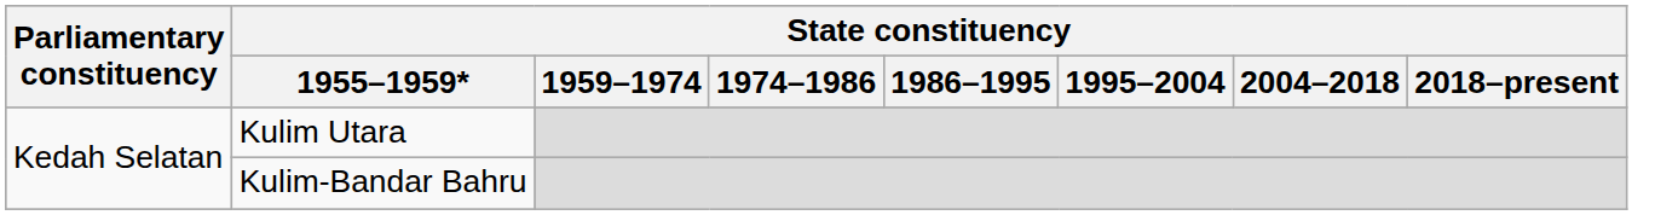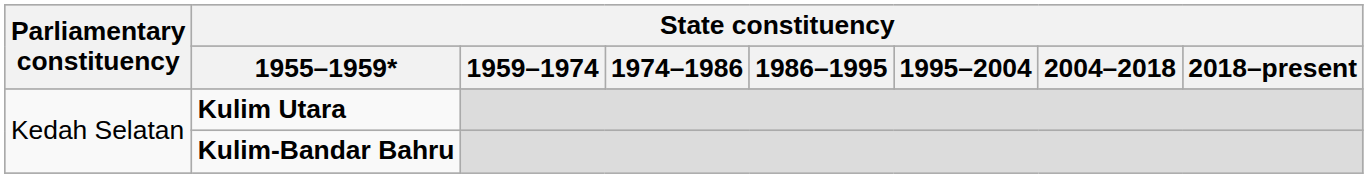 <table class="wikitable">
 <tr>
 <th rowspan="2">Parliamentary<br>constituency</th>
 <th colspan="7">State constituency</th>
 </tr>
 <tr>
 <th>1955–1959*</th>
 <th>1959–1974</th>
 <th>1974–1986</th>
 <th>1986–1995</th>
 <th>1995–2004</th>
 <th>2004–2018</th>
 <th>2018–present</th>
 </tr>
 <tr>
 <td rowspan="2">Kedah Selatan</td>
-<td>Kulim Utara</td>
+<td><strong>Kulim Utara</strong></td>
 <td colspan="6" bgcolor="dcdcdc"></td>
 </tr>
 <tr>
-<td>Kulim-Bandar Bahru</td>
+<td><strong>Kulim-Bandar Bahru</strong></td>
 <td colspan="6" bgcolor="dcdcdc"></td>
 </tr>
 </table>
